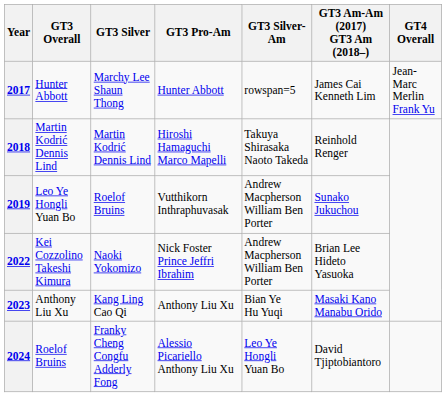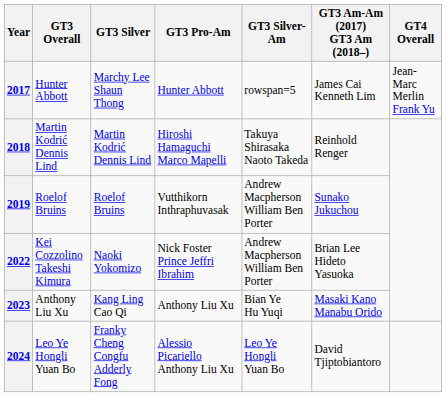 <table class="wikitable">
 <tr>
 <th>Year</th>
 <th>GT3 Overall</th>
 <th>GT3 Silver</th>
 <th>GT3 Pro-Am</th>
 <th>GT3 Silver-Am</th>
 <th>GT3 Am-Am (2017)<br>GT3 Am (2018–)</th>
 <th>GT4 Overall</th>
 </tr>
 <tr>
 <th><a href='#'>2017</a></th>
 <td> <a href='#'>Hunter Abbott</a></td>
 <td> <a href='#'>Marchy Lee</a><br> <a href='#'>Shaun Thong</a></td>
 <td> <a href='#'>Hunter Abbott</a></td>
 <td>rowspan=5 </td>
 <td> James Cai<br> Kenneth Lim</td>
 <td> Jean-Marc Merlin<br> <a href='#'>Frank Yu</a></td>
 </tr>
 <tr>
 <th><a href='#'>2018</a></th>
 <td> <a href='#'>Martin Kodrić</a><br> <a href='#'>Dennis Lind</a></td>
 <td> <a href='#'>Martin Kodrić</a><br> <a href='#'>Dennis Lind</a></td>
 <td> <a href='#'>Hiroshi Hamaguchi</a><br> <a href='#'>Marco Mapelli</a></td>
 <td> Takuya Shirasaka<br> Naoto Takeda</td>
 <td> Reinhold Renger</td>
 </tr>
 <tr>
 <th><a href='#'>2019</a></th>
-<td> <a href='#'>Leo Ye Hongli</a><br> Yuan Bo</td>
+<td> <a href='#'>Roelof Bruins</a></td>
 <td> <a href='#'>Roelof Bruins</a></td>
 <td> Vutthikorn Inthraphuvasak</td>
 <td> Andrew Macpherson<br> William Ben Porter</td>
 <td> <a href='#'>Sunako Jukuchou</a></td>
 </tr>
 <tr>
 <th><a href='#'>2022</a></th>
 <td> <a href='#'>Kei Cozzolino</a><br> <a href='#'>Takeshi Kimura</a></td>
 <td> <a href='#'>Naoki Yokomizo</a></td>
 <td> Nick Foster<br> <a href='#'>Prince Jeffri Ibrahim</a></td>
 <td> Andrew Macpherson<br> William Ben Porter</td>
 <td> Brian Lee<br> Hideto Yasuoka</td>
 </tr>
 <tr>
 <th><a href='#'>2023</a></th>
 <td> Anthony Liu Xu</td>
 <td> <a href='#'>Kang Ling</a><br> Cao Qi</td>
 <td> Anthony Liu Xu</td>
 <td> Bian Ye<br> Hu Yuqi</td>
 <td> <a href='#'>Masaki Kano</a><br> <a href='#'>Manabu Orido</a></td>
 </tr>
 <tr>
 <th><a href='#'>2024</a></th>
-<td> <a href='#'>Roelof Bruins</a></td>
+<td> <a href='#'>Leo Ye Hongli</a><br> Yuan Bo</td>
 <td> <a href='#'>Franky Cheng Congfu</a><br> <a href='#'>Adderly Fong</a></td>
 <td> <a href='#'>Alessio Picariello</a><br> Anthony Liu Xu</td>
 <td> <a href='#'>Leo Ye Hongli</a><br> Yuan Bo</td>
 <td> David Tjiptobiantoro</td>
 <td></td>
 </tr>
 </table>
